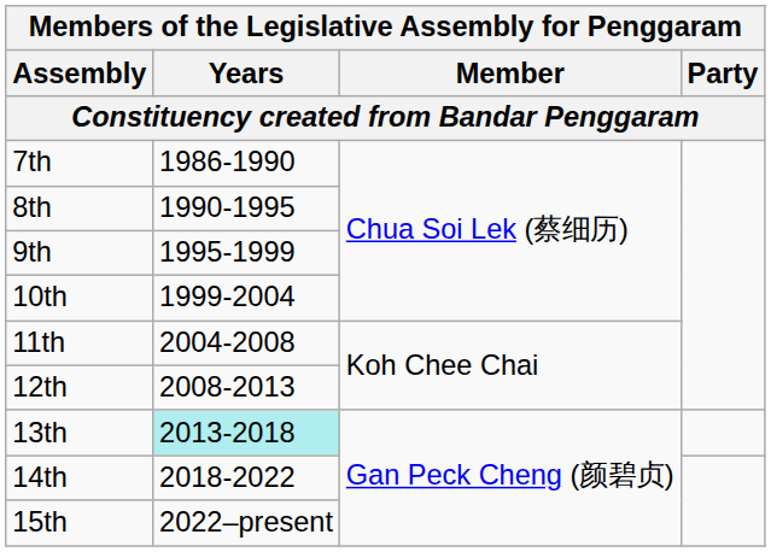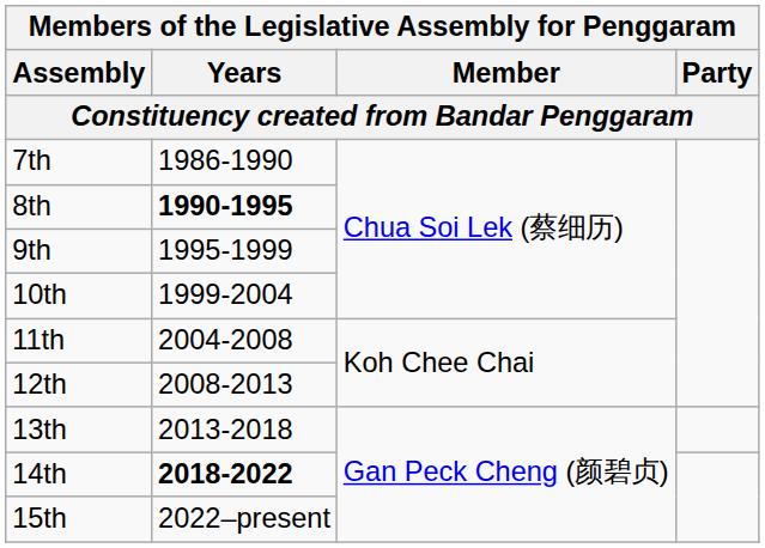 <table class=wikitable>
 <tr>
 <th colspan=4>Members of the Legislative Assembly for Penggaram</th>
 </tr>
 <tr>
 <th>Assembly</th>
 <th>Years</th>
 <th>Member</th>
 <th>Party</th>
 </tr>
 <tr>
 <th colspan=4 align=center><em>Constituency created from Bandar Penggaram</em></th>
 </tr>
 <tr>
 <td>7th</td>
 <td>1986-1990</td>
 <td rowspan="4"><a href='#'>Chua Soi Lek</a> (蔡细历)</td>
 <td rowspan="6"></td>
 </tr>
 <tr>
 <td>8th</td>
-<td>1990-1995</td>
+<td><strong>1990-1995</strong></td>
 </tr>
 <tr>
 <td>9th</td>
 <td>1995-1999</td>
 </tr>
 <tr>
 <td>10th</td>
 <td>1999-2004</td>
 </tr>
 <tr>
 <td>11th</td>
 <td>2004-2008</td>
 <td rowspan="2">Koh Chee Chai</td>
 </tr>
 <tr>
 <td>12th</td>
 <td>2008-2013</td>
 </tr>
 <tr>
 <td>13th</td>
-<td style="background: paleturquoise;">2013-2018</td>
+<td>2013-2018</td>
 <td rowspan="3"><a href='#'>Gan Peck Cheng</a> (颜碧贞)</td>
 <td></td>
 </tr>
 <tr>
 <td>14th</td>
-<td>2018-2022</td>
+<td><strong>2018-2022</strong></td>
 <td rowspan="2"></td>
 </tr>
 <tr>
 <td>15th</td>
 <td>2022–present</td>
 </tr>
 </table>
